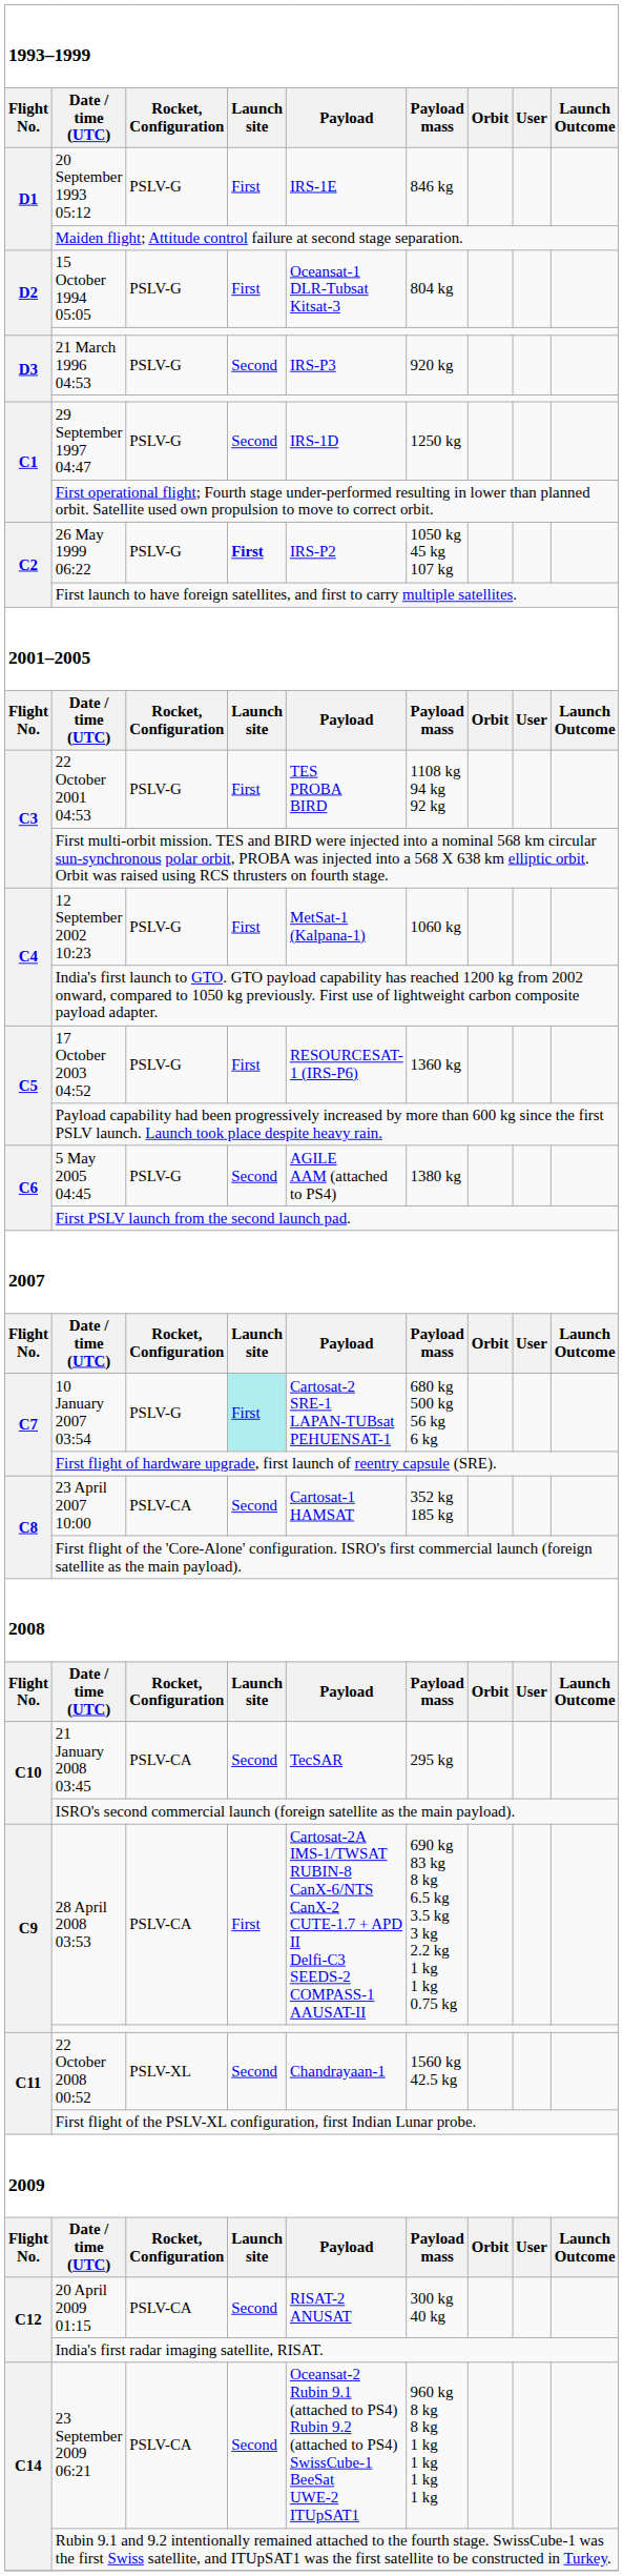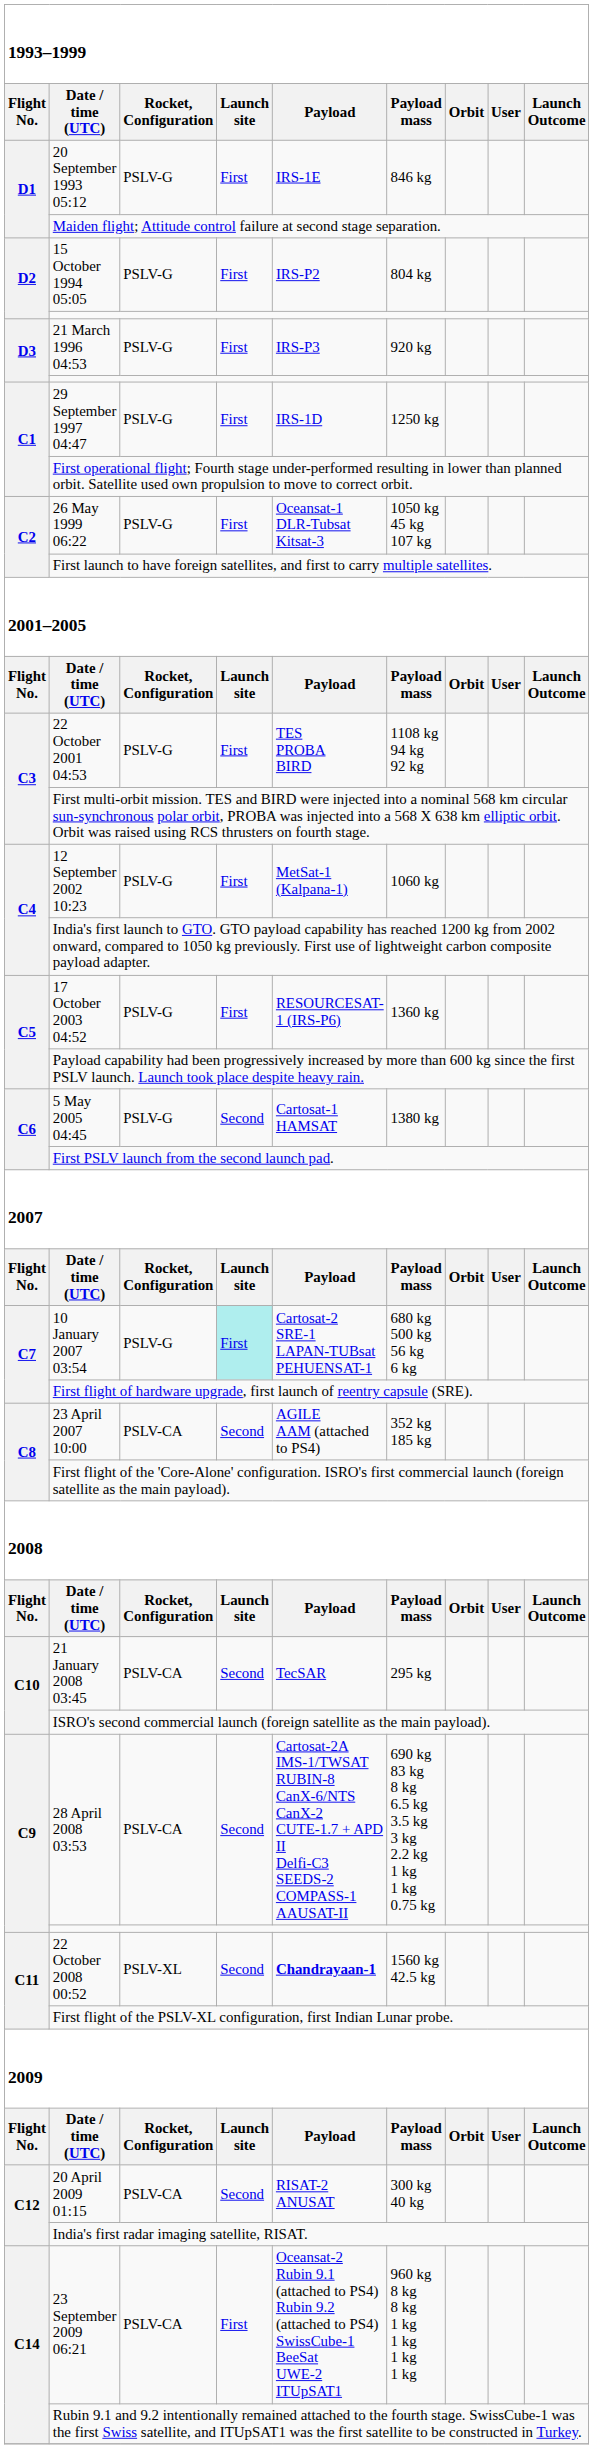 <table class="wikitable plainrowheaders" style="width: 100%;">
 <tr>
 <td colspan=9 style="background:white;"><br><h3>1993–1999</h3></td>
 </tr>
 <tr>
 <th scope="col">Flight No.</th>
 <th scope="col">Date / time (<a href='#'>UTC</a>)</th>
 <th scope="col">Rocket,<br>Configuration</th>
 <th scope="col">Launch site</th>
 <th scope="col">Payload</th>
 <th scope="col">Payload mass</th>
 <th scope="col">Orbit</th>
 <th scope="col">User</th>
 <th scope="col">Launch<br>Outcome</th>
 </tr>
 <tr>
 <th scope="row" rowspan = 2 style="text-align:center;"><a href='#'>D1</a></th>
 <td>20 September 1993<br>05:12</td>
 <td>PSLV-G</td>
 <td><a href='#'>First</a></td>
 <td> <a href='#'>IRS-1E</a></td>
 <td>846 kg</td>
 <td></td>
 <td></td>
 <td></td>
 </tr>
 <tr>
 <td colspan="8"><a href='#'>Maiden flight</a>; <a href='#'>Attitude control</a> failure at second stage separation.</td>
 </tr>
 <tr>
 <th scope="row" rowspan = 2 style="text-align:center;"><a href='#'>D2</a></th>
 <td>15 October 1994<br>05:05</td>
 <td>PSLV-G</td>
 <td><a href='#'>First</a></td>
-<td> <a href='#'>Oceansat-1</a><br> <a href='#'>DLR-Tubsat</a><br> <a href='#'>Kitsat-3</a></td>
+<td> <a href='#'>IRS-P2</a></td>
 <td>804 kg</td>
 <td></td>
 <td></td>
 <td></td>
 </tr>
 <tr>
 <td colspan="8"></td>
 </tr>
 <tr>
 <th scope="row" rowspan = 2 style="text-align:center;"><a href='#'>D3</a></th>
 <td>21 March 1996<br>04:53</td>
 <td>PSLV-G</td>
-<td><a href='#'>Second</a></td>
+<td><a href='#'>First</a></td>
 <td> <a href='#'>IRS-P3</a></td>
 <td>920 kg</td>
 <td></td>
 <td></td>
 <td></td>
 </tr>
 <tr>
 <td colspan="8"></td>
 </tr>
 <tr>
 <th scope="row" rowspan = 2 style="text-align:center;"><a href='#'>C1</a></th>
 <td>29 September 1997<br>04:47</td>
 <td>PSLV-G</td>
-<td><a href='#'>Second</a></td>
+<td><a href='#'>First</a></td>
 <td> <a href='#'>IRS-1D</a></td>
 <td>1250 kg</td>
 <td></td>
 <td></td>
 <td></td>
 </tr>
 <tr>
 <td colspan="8"><a href='#'>First operational flight</a>; Fourth stage under-performed resulting in lower than planned orbit. Satellite used own propulsion to move to correct orbit.</td>
 </tr>
 <tr>
 <th scope="row" rowspan = 2 style="text-align:center;"><a href='#'>C2</a></th>
 <td>26 May 1999<br>06:22</td>
 <td>PSLV-G</td>
-<td><strong><a href='#'>First</a></strong></td>
-<td> <a href='#'>IRS-P2</a></td>
+<td><a href='#'>First</a></td>
+<td> <a href='#'>Oceansat-1</a><br> <a href='#'>DLR-Tubsat</a><br> <a href='#'>Kitsat-3</a></td>
 <td>1050 kg<br>45 kg<br>107 kg</td>
 <td></td>
 <td></td>
 <td></td>
 </tr>
 <tr>
 <td colspan="8">First launch to have foreign satellites, and first to carry <a href='#'>multiple satellites</a>.</td>
 </tr>
 <tr>
 <td colspan=9 style="background:white;"><br><h3>2001–2005</h3></td>
 </tr>
 <tr>
 <th scope="col">Flight No.</th>
 <th scope="col">Date / time (<a href='#'>UTC</a>)</th>
 <th scope="col">Rocket,<br>Configuration</th>
 <th scope="col">Launch site</th>
 <th scope="col">Payload</th>
 <th scope="col">Payload mass</th>
 <th scope="col">Orbit</th>
 <th scope="col">User</th>
 <th scope="col">Launch<br>Outcome</th>
 </tr>
 <tr>
 <th scope="row" rowspan = 2 style="text-align:center;"><a href='#'>C3</a></th>
 <td>22 October 2001<br>04:53</td>
 <td>PSLV-G</td>
 <td><a href='#'>First</a></td>
 <td> <a href='#'>TES</a><br> <a href='#'>PROBA</a><br> <a href='#'>BIRD</a></td>
 <td>1108 kg<br>94 kg<br>92 kg</td>
 <td></td>
 <td></td>
 <td></td>
 </tr>
 <tr>
 <td colspan="8">First multi-orbit mission. TES and BIRD were injected into a nominal 568 km circular <a href='#'>sun-synchronous</a> <a href='#'>polar orbit</a>, PROBA was injected into a 568 X 638 km <a href='#'>elliptic orbit</a>. Orbit was raised using RCS thrusters on fourth stage.</td>
 </tr>
 <tr>
 <th scope="row" rowspan = 2 style="text-align:center;"><a href='#'>C4</a></th>
 <td>12 September 2002<br>10:23</td>
 <td>PSLV-G</td>
 <td><a href='#'>First</a></td>
 <td> <a href='#'>MetSat-1 (Kalpana-1)</a></td>
 <td>1060 kg</td>
 <td></td>
 <td></td>
 <td></td>
 </tr>
 <tr>
 <td colspan="8">India's first launch to <a href='#'>GTO</a>. GTO payload capability has reached 1200 kg from 2002 onward, compared to 1050 kg previously. First use of lightweight carbon composite payload adapter.</td>
 </tr>
 <tr>
 <th scope="row" rowspan = 2 style="text-align:center;"><a href='#'>C5</a></th>
 <td>17 October 2003<br>04:52</td>
 <td>PSLV-G</td>
 <td><a href='#'>First</a></td>
 <td> <a href='#'>RESOURCESAT-1 (IRS-P6)</a></td>
 <td>1360 kg</td>
 <td></td>
 <td></td>
 <td></td>
 </tr>
 <tr>
 <td colspan="8">Payload capability had been progressively increased by more than 600 kg since the first PSLV launch. <a href='#'>Launch took place despite heavy rain.</a></td>
 </tr>
 <tr>
 <th scope="row" rowspan = 2 style="text-align:center;"><a href='#'>C6</a></th>
 <td>5 May 2005<br>04:45</td>
 <td>PSLV-G</td>
 <td><a href='#'>Second</a></td>
-<td> <a href='#'>AGILE</a><br> <a href='#'>AAM</a> (attached to PS4)</td>
+<td> <a href='#'>Cartosat-1</a><br> <a href='#'>HAMSAT</a></td>
 <td>1380 kg</td>
 <td></td>
 <td></td>
 <td></td>
 </tr>
 <tr>
 <td colspan="8"><a href='#'>First PSLV launch from the second launch pad</a>.</td>
 </tr>
 <tr>
 <td colspan=9 style="background:white;"><br><h3>2007</h3></td>
 </tr>
 <tr>
 <th scope="col">Flight No.</th>
 <th scope="col">Date / time (<a href='#'>UTC</a>)</th>
 <th scope="col">Rocket,<br>Configuration</th>
 <th scope="col">Launch site</th>
 <th scope="col">Payload</th>
 <th scope="col">Payload mass</th>
 <th scope="col">Orbit</th>
 <th scope="col">User</th>
 <th scope="col">Launch<br>Outcome</th>
 </tr>
 <tr>
 <th scope="row" rowspan = 2 style="text-align:center;"><a href='#'>C7</a></th>
 <td>10 January 2007<br>03:54</td>
 <td>PSLV-G</td>
 <td style="background: paleturquoise;"><a href='#'>First</a></td>
 <td> <a href='#'>Cartosat-2</a><br> <a href='#'>SRE-1</a><br> <a href='#'>LAPAN-TUBsat</a><br> <a href='#'>PEHUENSAT-1</a></td>
 <td>680 kg<br>500 kg<br>56 kg<br>6 kg</td>
 <td></td>
 <td></td>
 <td></td>
 </tr>
 <tr>
 <td colspan="8"><a href='#'>First flight of hardware upgrade</a>, first launch of <a href='#'>reentry capsule</a> (SRE).</td>
 </tr>
 <tr>
 <th scope="row" rowspan = 2 style="text-align:center;"><a href='#'>C8</a></th>
 <td>23 April 2007<br>10:00</td>
 <td>PSLV-CA</td>
 <td><a href='#'>Second</a></td>
-<td> <a href='#'>Cartosat-1</a><br> <a href='#'>HAMSAT</a></td>
+<td> <a href='#'>AGILE</a><br> <a href='#'>AAM</a> (attached to PS4)</td>
 <td>352 kg<br>185 kg</td>
 <td></td>
 <td></td>
 <td></td>
 </tr>
 <tr>
 <td colspan="8">First flight of the 'Core-Alone' configuration. ISRO's first commercial launch (foreign satellite as the main payload).</td>
 </tr>
 <tr>
 <td colspan=9 style="background:white;"><br><h3>2008</h3></td>
 </tr>
 <tr>
 <th scope="col">Flight No.</th>
 <th scope="col">Date / time (<a href='#'>UTC</a>)</th>
 <th scope="col">Rocket,<br>Configuration</th>
 <th scope="col">Launch site</th>
 <th scope="col">Payload</th>
 <th scope="col">Payload mass</th>
 <th scope="col">Orbit</th>
 <th scope="col">User</th>
 <th scope="col">Launch<br>Outcome</th>
 </tr>
 <tr>
 <th scope="row" rowspan = 2 style="text-align:center;">C10</th>
 <td>21 January 2008<br>03:45</td>
 <td>PSLV-CA</td>
 <td><a href='#'>Second</a></td>
 <td> <a href='#'>TecSAR</a></td>
 <td>295 kg</td>
 <td></td>
 <td></td>
 <td></td>
 </tr>
 <tr>
 <td colspan="8">ISRO's second commercial launch (foreign satellite as the main payload).</td>
 </tr>
 <tr>
 <th scope="row" rowspan = 2 style="text-align:center;">C9</th>
 <td>28 April 2008<br>03:53</td>
 <td>PSLV-CA</td>
-<td><a href='#'>First</a></td>
+<td><a href='#'>Second</a></td>
 <td> <a href='#'>Cartosat-2A</a><br> <a href='#'>IMS-1/TWSAT</a><br> <a href='#'>RUBIN-8</a><br> <a href='#'>CanX-6/NTS</a><br> <a href='#'>CanX-2</a><br> <a href='#'>CUTE-1.7 + APD II</a><br> <a href='#'>Delfi-C3</a><br> <a href='#'>SEEDS-2</a><br> <a href='#'>COMPASS-1</a><br> <a href='#'>AAUSAT-II</a></td>
 <td>690 kg<br>83 kg<br>8 kg<br>6.5 kg<br>3.5 kg<br>3 kg<br>2.2 kg<br>1 kg<br>1 kg<br>0.75 kg</td>
 <td></td>
 <td></td>
 <td></td>
 </tr>
 <tr>
 <td colspan="8"></td>
 </tr>
 <tr>
 <th scope="row" rowspan = 2 style="text-align:center;">C11</th>
 <td>22 October 2008<br>00:52</td>
 <td>PSLV-XL</td>
 <td><a href='#'>Second</a></td>
-<td> <a href='#'>Chandrayaan-1</a></td>
+<td><strong> <a href='#'>Chandrayaan-1</a></strong></td>
 <td>1560 kg<br> 42.5 kg</td>
 <td></td>
 <td></td>
 <td></td>
 </tr>
 <tr>
 <td colspan="8">First flight of the PSLV-XL configuration, first Indian Lunar probe.</td>
 </tr>
 <tr>
 <td colspan=9 style="background:white;"><br><h3>2009</h3></td>
 </tr>
 <tr>
 <th scope="col">Flight No.</th>
 <th scope="col">Date / time (<a href='#'>UTC</a>)</th>
 <th scope="col">Rocket,<br>Configuration</th>
 <th scope="col">Launch site</th>
 <th scope="col">Payload</th>
 <th scope="col">Payload mass</th>
 <th scope="col">Orbit</th>
 <th scope="col">User</th>
 <th scope="col">Launch<br>Outcome</th>
 </tr>
 <tr>
 <th scope="row" rowspan = 2 style="text-align:center;">C12</th>
 <td>20 April 2009<br>01:15</td>
 <td>PSLV-CA</td>
 <td><a href='#'>Second</a></td>
 <td> <a href='#'>RISAT-2</a><br> <a href='#'>ANUSAT</a></td>
 <td>300 kg<br>40 kg</td>
 <td></td>
 <td></td>
 <td></td>
 </tr>
 <tr>
 <td colspan="8">India's first radar imaging satellite, RISAT.</td>
 </tr>
 <tr>
 <th scope="row" rowspan = 2 style="text-align:center;">C14</th>
 <td>23 September 2009<br>06:21</td>
 <td>PSLV-CA</td>
-<td><a href='#'>Second</a></td>
+<td><a href='#'>First</a></td>
 <td> <a href='#'>Oceansat-2</a><br> <a href='#'>Rubin 9.1</a> (attached to PS4)<br> <a href='#'>Rubin 9.2</a> (attached to PS4)<br> <a href='#'>SwissCube-1</a><br> <a href='#'>BeeSat</a><br> <a href='#'>UWE-2</a><br> <a href='#'>ITUpSAT1</a></td>
 <td>960 kg<br>8 kg<br>8 kg<br>1 kg<br>1 kg<br>1 kg<br>1 kg</td>
 <td></td>
 <td></td>
 <td></td>
 </tr>
 <tr>
 <td colspan="8">Rubin 9.1 and 9.2 intentionally remained attached to the fourth stage. SwissCube-1 was the first <a href='#'>Swiss</a> satellite, and ITUpSAT1 was the first satellite to be constructed in <a href='#'>Turkey</a>.</td>
 </tr>
 <tr>
 </tr>
 </table>
